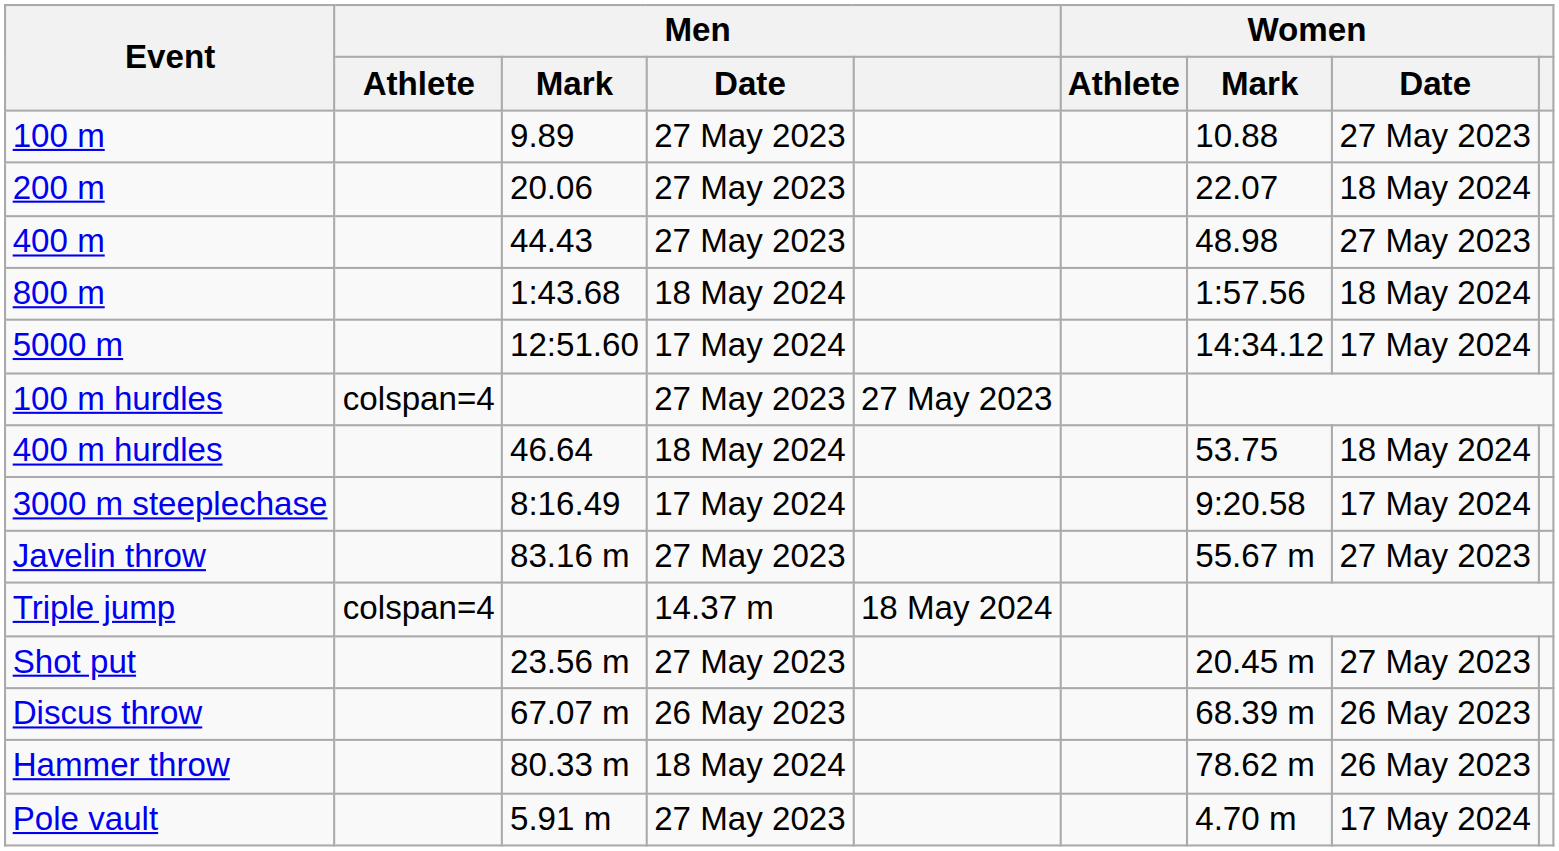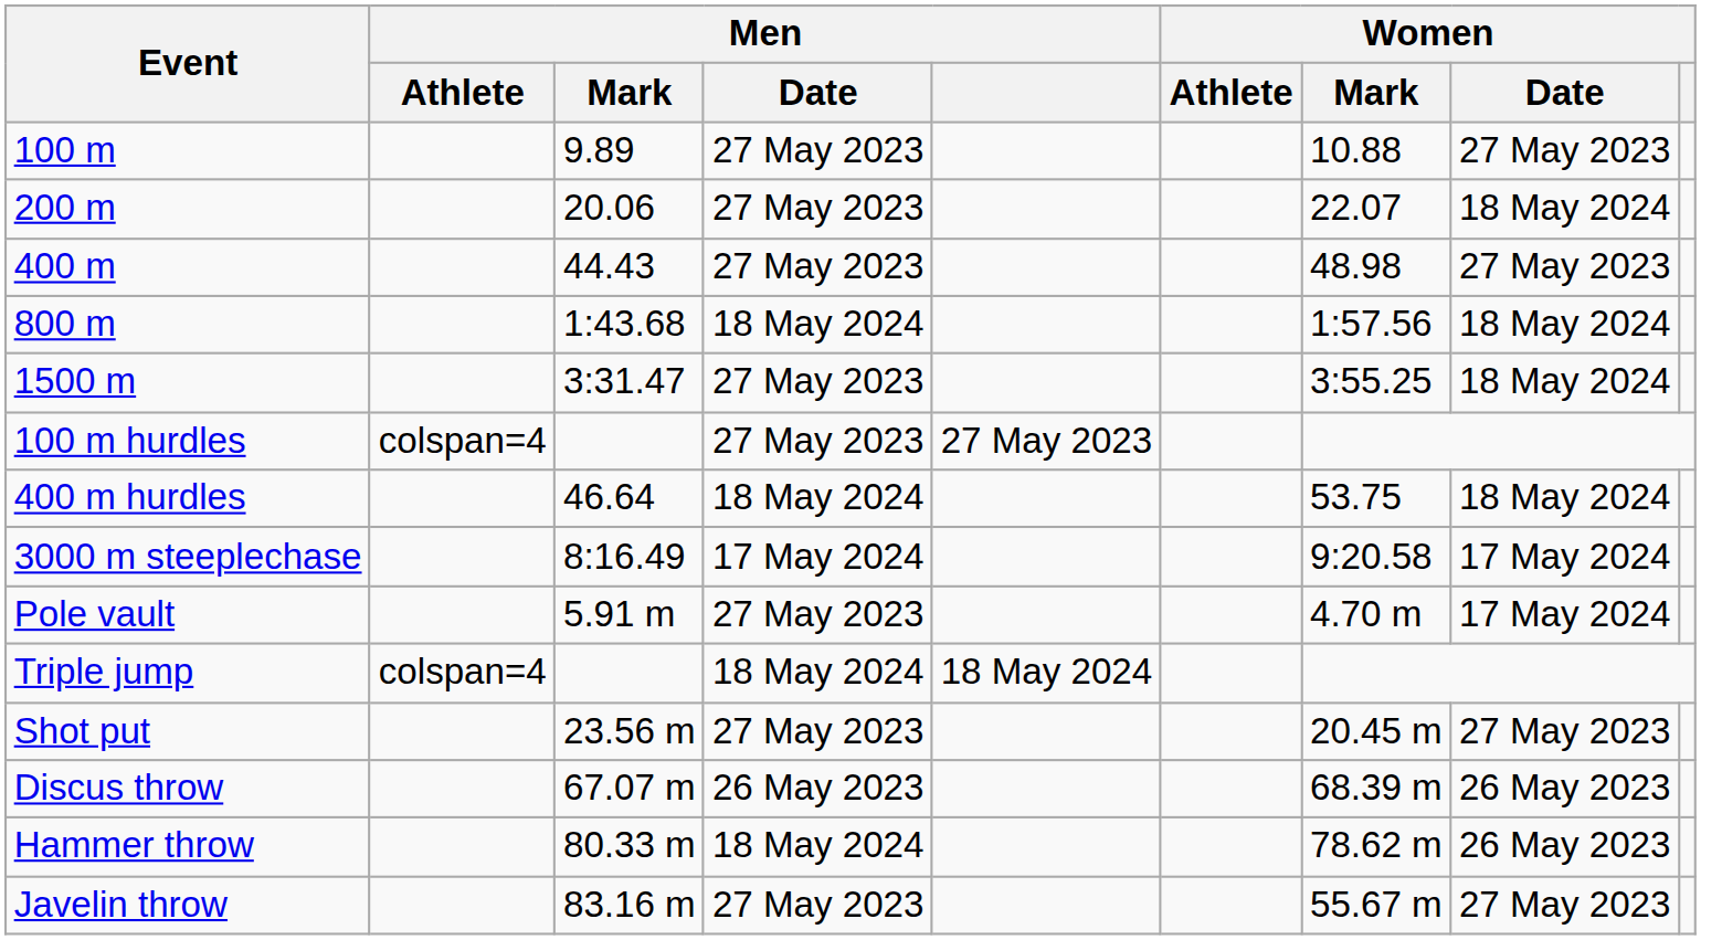 <table class="wikitable mw-datatable sortable">
 <tr>
 <th rowspan=2>Event</th>
 <th colspan=4>Men</th>
 <th colspan=4>Women</th>
 </tr>
 <tr>
 <th>Athlete</th>
 <th>Mark</th>
 <th>Date</th>
 <th class="unsortable"></th>
 <th>Athlete</th>
 <th>Mark</th>
 <th>Date</th>
 <th class="unsortable"></th>
 </tr>
 <tr>
 <td><a href='#'>100 m</a></td>
 <td></td>
 <td>9.89 </td>
 <td>27 May 2023</td>
 <td></td>
 <td></td>
 <td>10.88  </td>
 <td>27 May 2023</td>
 <td></td>
 </tr>
 <tr>
 <td><a href='#'>200 m</a></td>
 <td></td>
 <td>20.06 </td>
 <td>27 May 2023</td>
 <td></td>
 <td></td>
 <td>22.07 </td>
 <td>18 May 2024</td>
 <td></td>
 </tr>
 <tr>
 <td><a href='#'>400 m</a></td>
 <td></td>
 <td>44.43</td>
 <td>27 May 2023</td>
 <td></td>
 <td></td>
 <td>48.98</td>
 <td>27 May 2023</td>
 <td></td>
 </tr>
 <tr>
 <td><a href='#'>800 m</a></td>
 <td></td>
 <td>1:43.68</td>
 <td>18 May 2024</td>
 <td></td>
 <td></td>
 <td>1:57.56</td>
 <td>18 May 2024</td>
 <td></td>
 </tr>
 <tr>
-<td><a href='#'>5000 m</a></td>
+<td><a href='#'>1500 m</a></td>
 <td></td>
-<td>12:51.60</td>
-<td>17 May 2024</td>
+<td>3:31.47</td>
+<td>27 May 2023</td>
 <td></td>
 <td></td>
-<td>14:34.12</td>
-<td>17 May 2024</td>
+<td>3:55.25</td>
+<td>18 May 2024</td>
 <td></td>
 </tr>
 <tr>
 <td><a href='#'>100 m hurdles</a></td>
 <td>colspan=4 </td>
 <td></td>
 <td>27 May 2023</td>
 <td>27 May 2023</td>
 <td></td>
 </tr>
 <tr>
 <td><a href='#'>400 m hurdles</a></td>
 <td></td>
 <td>46.64</td>
 <td>18 May 2024</td>
 <td></td>
 <td></td>
 <td>53.75</td>
 <td>18 May 2024</td>
 <td></td>
 </tr>
 <tr>
 <td><a href='#'>3000 m steeplechase</a></td>
 <td></td>
 <td>8:16.49</td>
 <td>17 May 2024</td>
 <td></td>
 <td></td>
 <td>9:20.58</td>
 <td>17 May 2024</td>
 <td></td>
 </tr>
 <tr>
-<td><a href='#'>Javelin throw</a></td>
+<td><a href='#'>Pole vault</a></td>
 <td></td>
-<td>83.16 m</td>
+<td>5.91 m</td>
 <td>27 May 2023</td>
 <td></td>
 <td></td>
-<td>55.67 m</td>
-<td>27 May 2023</td>
+<td>4.70 m</td>
+<td>17 May 2024</td>
 <td></td>
 </tr>
 <tr>
 <td><a href='#'>Triple jump</a></td>
 <td>colspan=4 </td>
 <td></td>
-<td>14.37 m </td>
+<td>18 May 2024</td>
 <td>18 May 2024</td>
 <td></td>
 </tr>
 <tr>
 <td><a href='#'>Shot put</a></td>
 <td></td>
 <td>23.56 m <strong></strong></td>
 <td>27 May 2023</td>
 <td></td>
 <td></td>
 <td>20.45 m</td>
 <td>27 May 2023</td>
 <td></td>
 </tr>
 <tr>
 <td><a href='#'>Discus throw</a></td>
 <td></td>
 <td>67.07 m</td>
 <td>26 May 2023</td>
 <td></td>
 <td></td>
 <td>68.39 m</td>
 <td>26 May 2023</td>
 <td></td>
 </tr>
 <tr>
 <td><a href='#'>Hammer throw</a></td>
 <td></td>
 <td>80.33 m</td>
 <td>18 May 2024</td>
 <td></td>
 <td></td>
 <td>78.62 m</td>
 <td>26 May 2023</td>
 <td></td>
 </tr>
 <tr>
-<td><a href='#'>Pole vault</a></td>
+<td><a href='#'>Javelin throw</a></td>
 <td></td>
-<td>5.91 m</td>
+<td>83.16 m</td>
 <td>27 May 2023</td>
 <td></td>
 <td></td>
-<td>4.70 m</td>
-<td>17 May 2024</td>
+<td>55.67 m</td>
+<td>27 May 2023</td>
 <td></td>
 </tr>
 </table>
